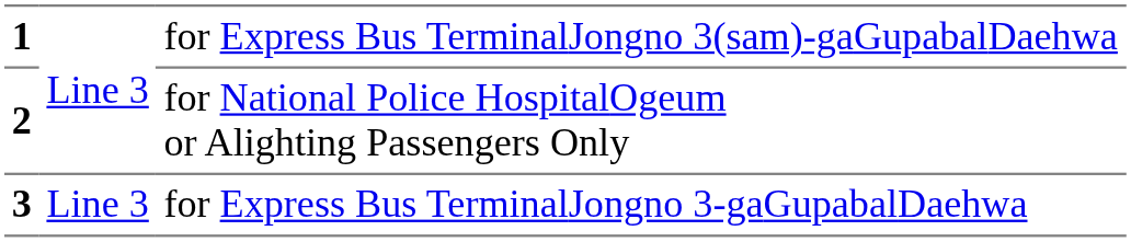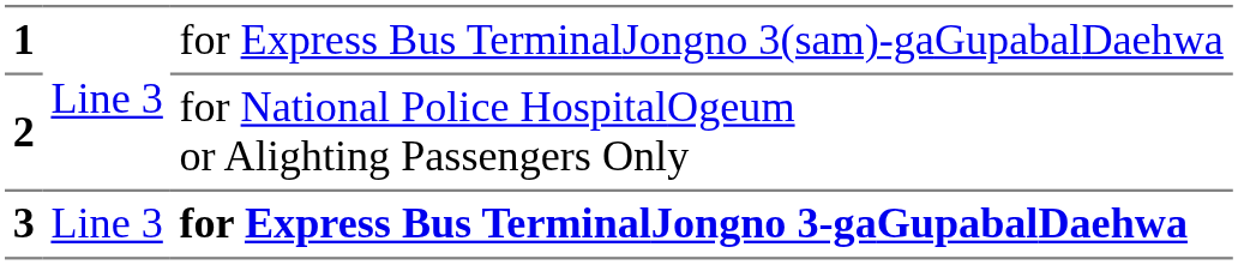 <table border="1" cellspacing="0" cellpadding="3" frame="hsides" rules="rows">
 <tr>
 <th>1</th>
 <td rowspan="2"> <a href='#'>Line 3</a></td>
 <td>for <a href='#'>Express Bus Terminal</a><a href='#'>Jongno 3(sam)-ga</a><a href='#'>Gupabal</a><a href='#'>Daehwa</a></td>
 </tr>
 <tr>
 <th>2</th>
 <td>for <a href='#'>National Police Hospital</a><a href='#'>Ogeum</a><br>or Alighting Passengers Only</td>
 </tr>
 <tr>
 <th>3</th>
 <td rowspan="3"> <a href='#'>Line 3</a></td>
-<td>for <a href='#'>Express Bus Terminal</a><a href='#'>Jongno 3-ga</a><a href='#'>Gupabal</a><a href='#'>Daehwa</a></td>
+<td><strong>for <a href='#'>Express Bus Terminal</a><a href='#'>Jongno 3-ga</a><a href='#'>Gupabal</a><a href='#'>Daehwa</a></strong></td>
 </tr>
 </table>
